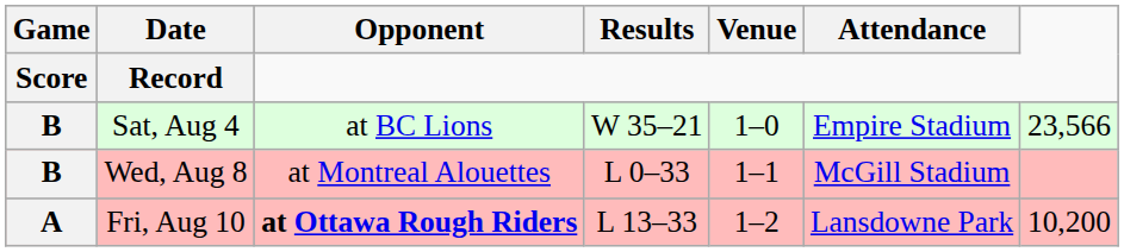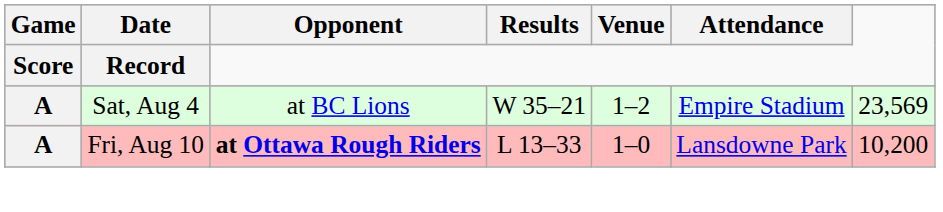 <table class="wikitable" style="text-align:center">
 <tr>
 <th>Game</th>
 <th>Date</th>
 <th>Opponent</th>
 <th>Results</th>
 <th>Venue</th>
 <th>Attendance</th>
 </tr>
 <tr>
 <th>Score</th>
 <th>Record</th>
 </tr>
 <tr style="background:#ddffdd">
-<th>B</th>
+<th>A</th>
 <td>Sat, Aug 4</td>
 <td>at <a href='#'>BC Lions</a></td>
 <td>W 35–21</td>
-<td>1–0</td>
+<td>1–2</td>
 <td><a href='#'>Empire Stadium</a></td>
-<td>23,566</td>
-</tr>
-<tr style="background:#ffbbbb">
-<th>B</th>
-<td>Wed, Aug 8</td>
-<td>at <a href='#'>Montreal Alouettes</a></td>
-<td>L 0–33</td>
-<td>1–1</td>
-<td><a href='#'>McGill Stadium</a></td>
-<td></td>
+<td>23,569</td>
 </tr>
 <tr style="background:#ffbbbb">
 <th>A</th>
 <td>Fri, Aug 10</td>
 <td><strong>at <a href='#'>Ottawa Rough Riders</a></strong></td>
 <td>L 13–33</td>
-<td>1–2</td>
+<td>1–0</td>
 <td><a href='#'>Lansdowne Park</a></td>
 <td>10,200</td>
 </tr>
 </table>
